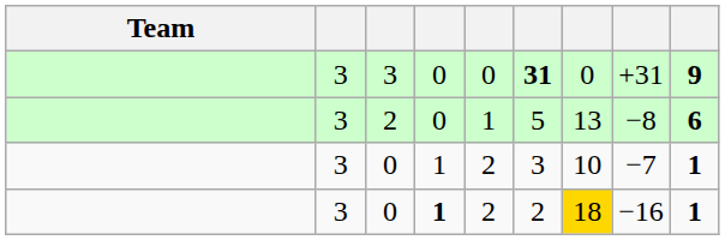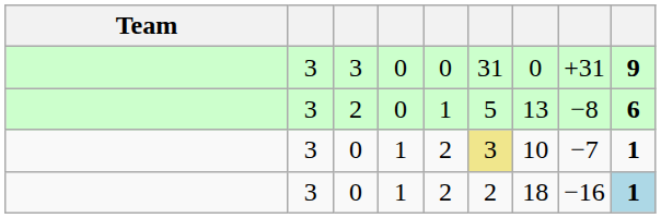 <table class="wikitable" style="text-align:center;">
 <tr>
 <th width="165">Team</th>
 <th width="20"></th>
 <th width="20"></th>
 <th width="20"></th>
 <th width="20"></th>
 <th width="20"></th>
 <th width="20"></th>
 <th width="20"></th>
 <th width="20"></th>
 </tr>
 <tr bgcolor="ccffcc">
 <td style="text-align:left;"></td>
 <td>3</td>
 <td>3</td>
 <td>0</td>
 <td>0</td>
-<td><strong>31</strong></td>
+<td>31</td>
 <td>0</td>
 <td>+31</td>
 <td><strong>9</strong></td>
 </tr>
 <tr bgcolor="ccffcc">
 <td style="text-align:left;"></td>
 <td>3</td>
 <td>2</td>
 <td>0</td>
 <td>1</td>
 <td>5</td>
 <td>13</td>
 <td>−8</td>
 <td><strong>6</strong></td>
 </tr>
 <tr>
 <td style="text-align:left;"></td>
 <td>3</td>
 <td>0</td>
 <td>1</td>
 <td>2</td>
-<td>3</td>
+<td style="background: khaki;">3</td>
 <td>10</td>
 <td>−7</td>
 <td><strong>1</strong></td>
 </tr>
 <tr>
 <td style="text-align:left;"></td>
 <td>3</td>
 <td>0</td>
-<td><strong>1</strong></td>
+<td>1</td>
 <td>2</td>
 <td>2</td>
-<td style="background: gold;">18</td>
+<td>18</td>
 <td>−16</td>
-<td><strong>1</strong></td>
+<td style="background: lightblue;"><strong>1</strong></td>
 </tr>
 </table>
